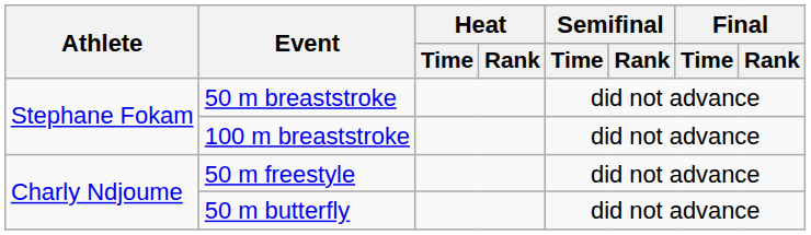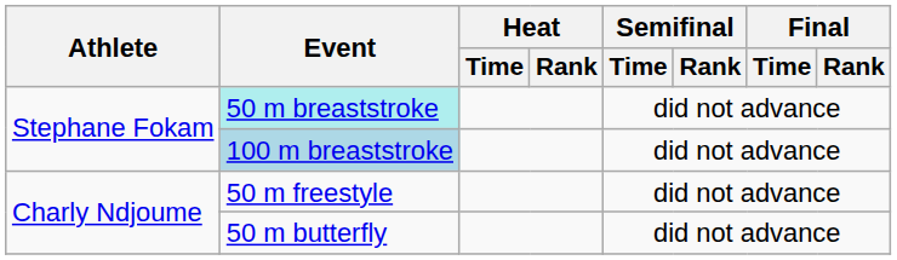 <table class=wikitable style="font-size:90%">
 <tr>
 <th rowspan="2">Athlete</th>
 <th rowspan="2">Event</th>
 <th colspan="2">Heat</th>
 <th colspan="2">Semifinal</th>
 <th colspan="2">Final</th>
 </tr>
 <tr style="font-size:95%">
 <th>Time</th>
 <th>Rank</th>
 <th>Time</th>
 <th>Rank</th>
 <th>Time</th>
 <th>Rank</th>
 </tr>
 <tr align=center>
 <td align=left rowspan=2><a href='#'>Stephane Fokam</a></td>
-<td align=left><a href='#'>50 m breaststroke</a></td>
+<td align=left style="background: paleturquoise;"><a href='#'>50 m breaststroke</a></td>
 <td colspan=2></td>
 <td colspan=4>did not advance</td>
 </tr>
 <tr align=center>
-<td align=left><a href='#'>100 m breaststroke</a></td>
+<td align=left style="background: lightblue;"><a href='#'>100 m breaststroke</a></td>
 <td colspan=2></td>
 <td colspan=4>did not advance</td>
 </tr>
 <tr align=center>
 <td align=left rowspan=2><a href='#'>Charly Ndjoume</a></td>
 <td align=left><a href='#'>50 m freestyle</a></td>
 <td colspan=2></td>
 <td colspan=4>did not advance</td>
 </tr>
 <tr align=center>
 <td align=left><a href='#'>50 m butterfly</a></td>
 <td colspan=2></td>
 <td colspan=4>did not advance</td>
 </tr>
 </table>
